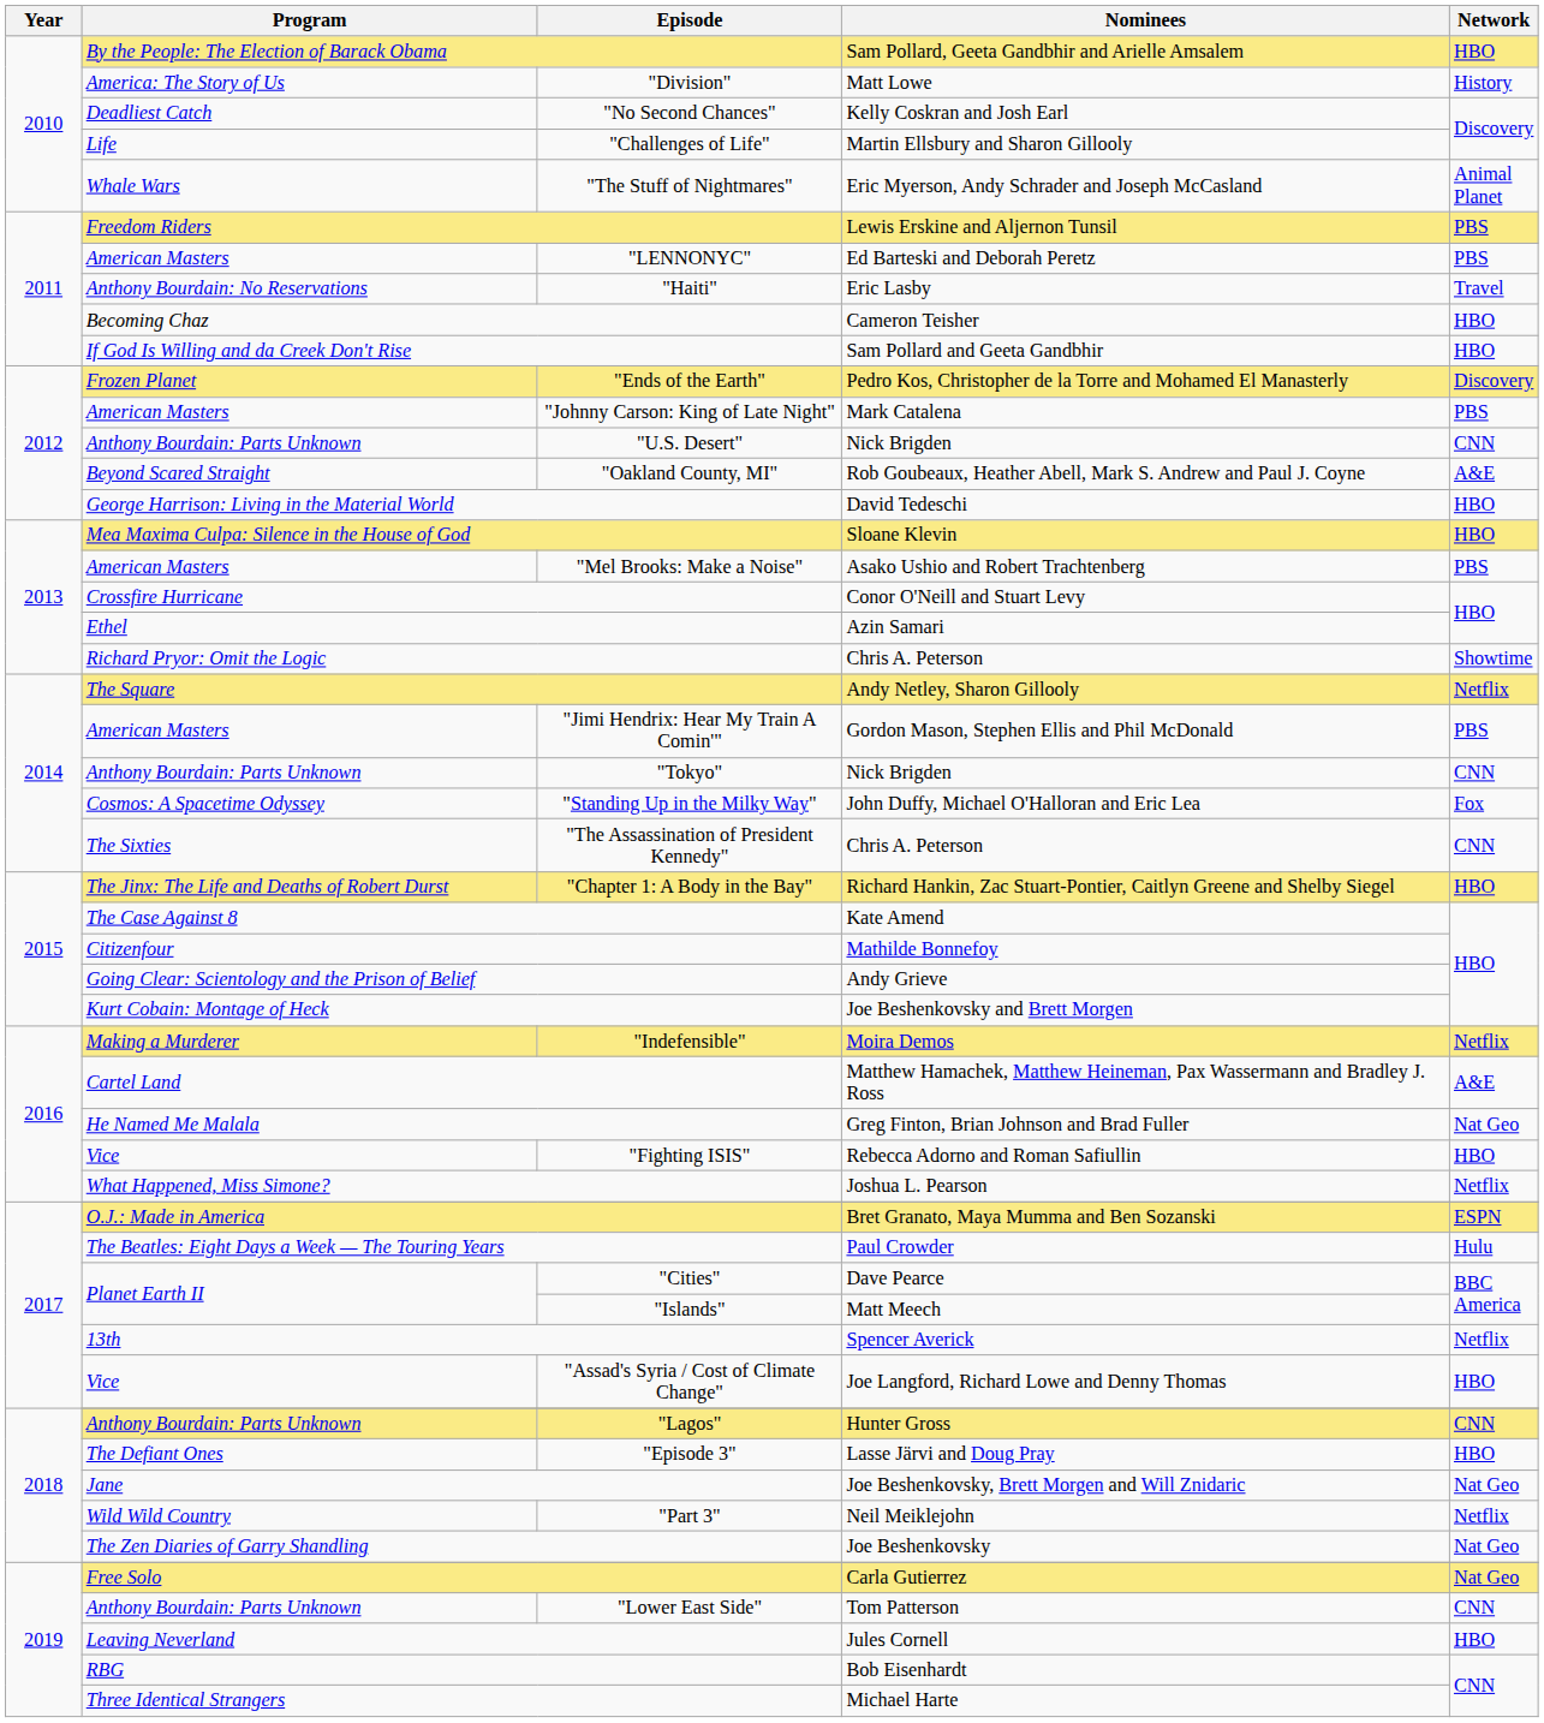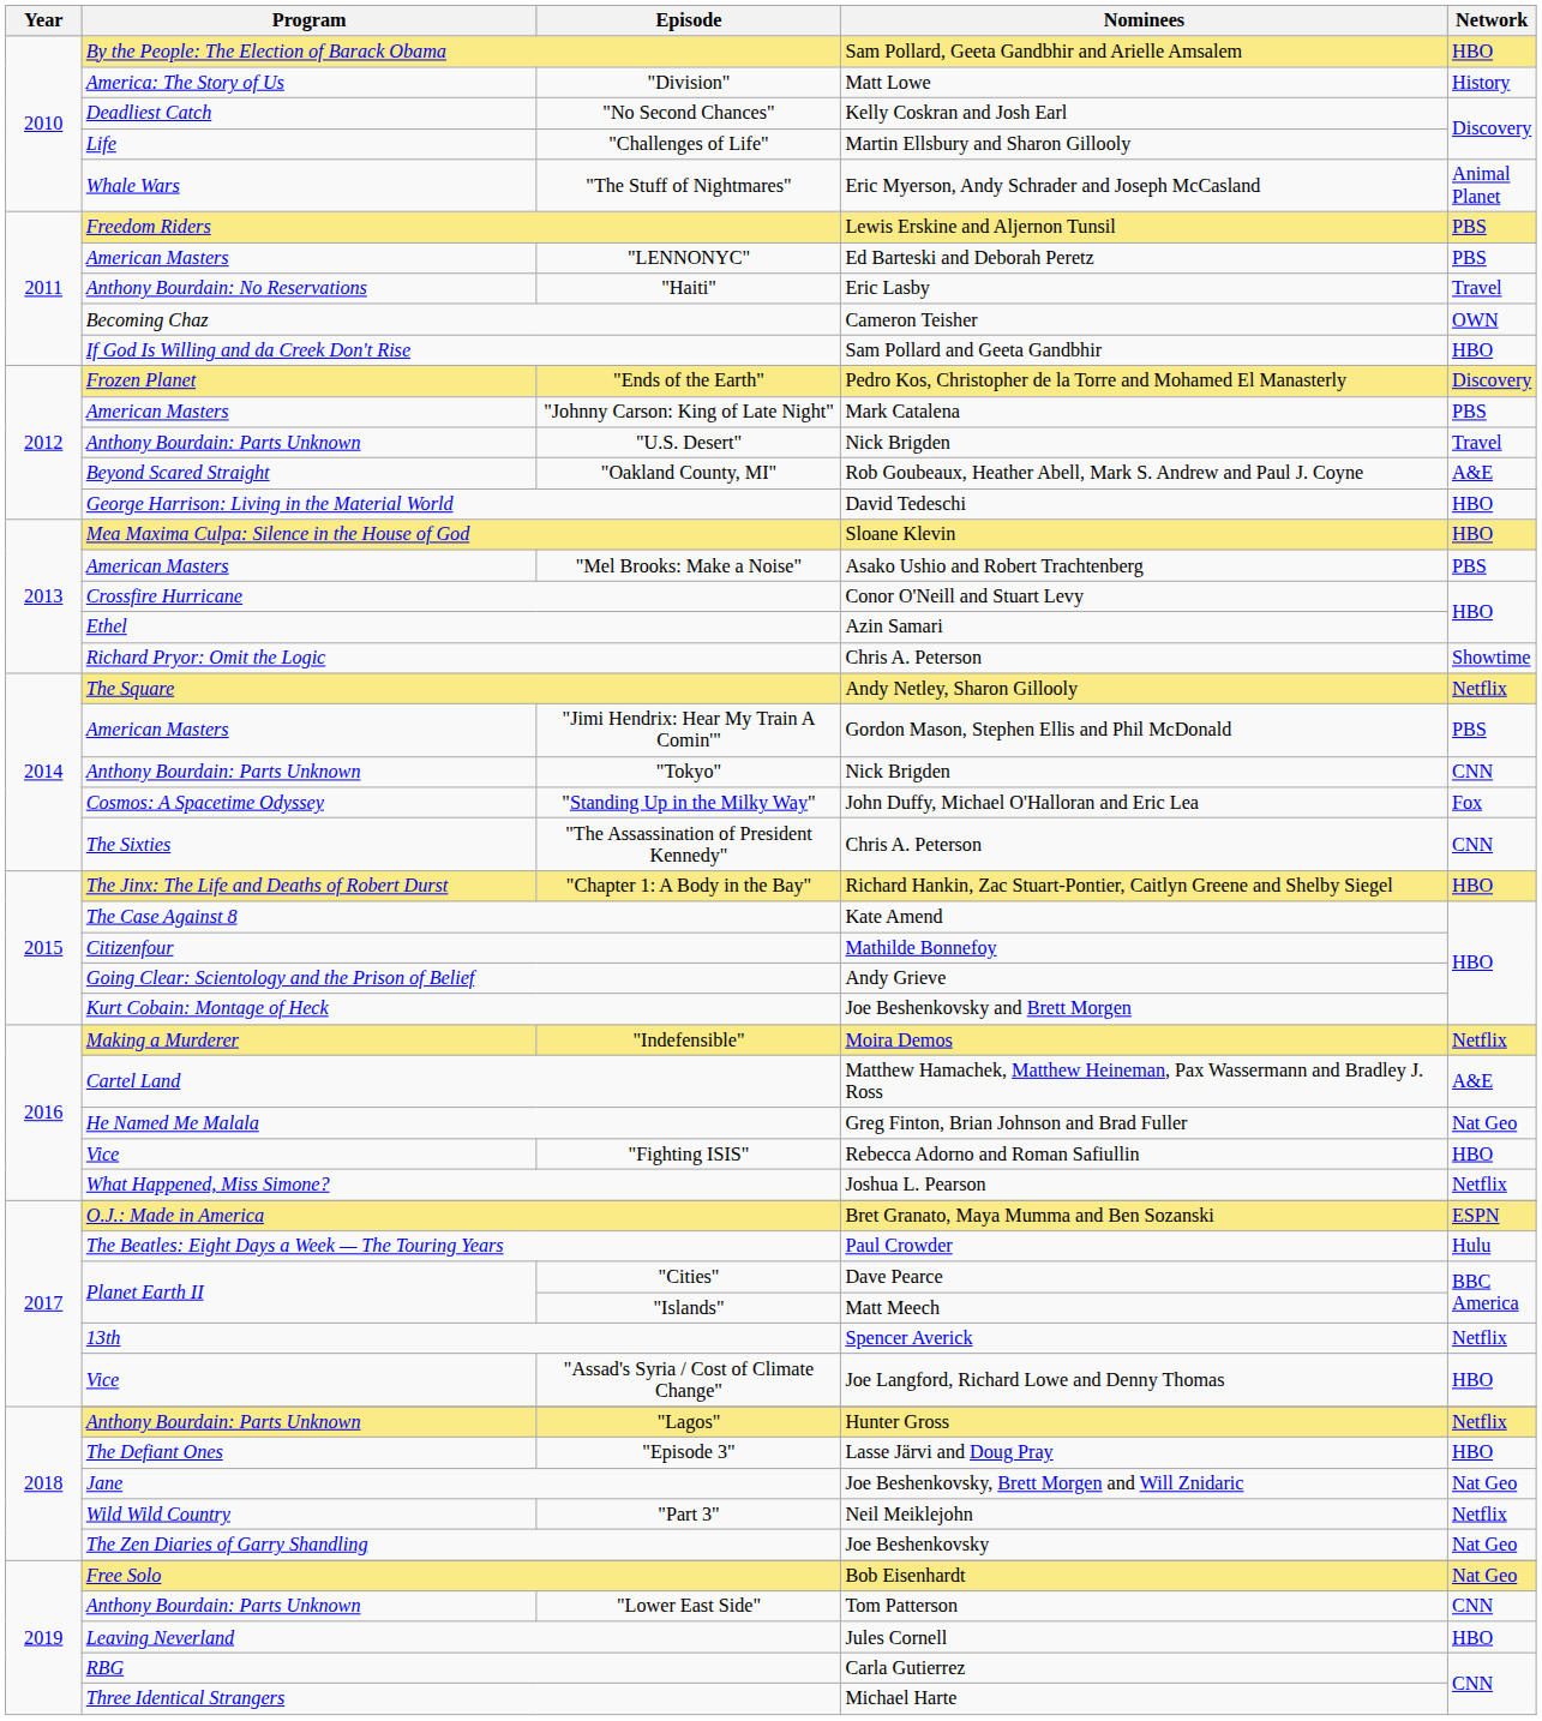 <table class="wikitable" style="width:100%">
 <tr style="background:#bebebe;">
 <th width="5%">Year</th>
 <th width="30%">Program</th>
 <th width="20%">Episode</th>
 <th width="40%">Nominees</th>
 <th width="5%">Network</th>
 </tr>
 <tr>
 <td rowspan=5 style="text-align:center;"><a href='#'>2010</a><br></td>
 <td style="background:#FAEB86;" colspan=2><em><a href='#'>By the People: The Election of Barack Obama</a></em></td>
 <td style="background:#FAEB86;">Sam Pollard, Geeta Gandbhir and Arielle Amsalem</td>
 <td style="background:#FAEB86;"><a href='#'>HBO</a></td>
 </tr>
 <tr>
 <td><em><a href='#'>America: The Story of Us</a></em></td>
 <td align=center>"Division"</td>
 <td>Matt Lowe</td>
 <td><a href='#'>History</a></td>
 </tr>
 <tr>
 <td><em><a href='#'>Deadliest Catch</a></em></td>
 <td align=center>"No Second Chances"</td>
 <td>Kelly Coskran and Josh Earl</td>
 <td rowspan=2><a href='#'>Discovery</a></td>
 </tr>
 <tr>
 <td><em><a href='#'>Life</a></em></td>
 <td align=center>"Challenges of Life"</td>
 <td>Martin Ellsbury and Sharon Gillooly</td>
 </tr>
 <tr>
 <td><em><a href='#'>Whale Wars</a></em></td>
 <td align=center>"The Stuff of Nightmares"</td>
 <td>Eric Myerson, Andy Schrader and Joseph McCasland</td>
 <td><a href='#'>Animal Planet</a></td>
 </tr>
 <tr>
 <td rowspan=5 style="text-align:center;"><a href='#'>2011</a><br></td>
 <td style="background:#FAEB86;" colspan=2><em><a href='#'>Freedom Riders</a></em></td>
 <td style="background:#FAEB86;">Lewis Erskine and Aljernon Tunsil</td>
 <td style="background:#FAEB86;"><a href='#'>PBS</a></td>
 </tr>
 <tr>
 <td><em><a href='#'>American Masters</a></em></td>
 <td align=center>"LENNONYC"</td>
 <td>Ed Barteski and Deborah Peretz</td>
 <td><a href='#'>PBS</a></td>
 </tr>
 <tr>
 <td><em><a href='#'>Anthony Bourdain: No Reservations</a></em></td>
 <td align=center>"Haiti"</td>
 <td>Eric Lasby</td>
 <td><a href='#'>Travel</a></td>
 </tr>
 <tr>
 <td colspan=2><em>Becoming Chaz</em></td>
 <td>Cameron Teisher</td>
-<td><a href='#'>HBO</a></td>
+<td><a href='#'>OWN</a></td>
 </tr>
 <tr>
 <td colspan=2><em><a href='#'>If God Is Willing and da Creek Don't Rise</a></em></td>
 <td>Sam Pollard and Geeta Gandbhir</td>
 <td><a href='#'>HBO</a></td>
 </tr>
 <tr>
 <td rowspan=5 style="text-align:center;"><a href='#'>2012</a><br></td>
 <td style="background:#FAEB86;"><em><a href='#'>Frozen Planet</a></em></td>
 <td style="background:#FAEB86;" align=center>"Ends of the Earth"</td>
 <td style="background:#FAEB86;">Pedro Kos, Christopher de la Torre and Mohamed El Manasterly</td>
 <td style="background:#FAEB86;"><a href='#'>Discovery</a></td>
 </tr>
 <tr>
 <td><em><a href='#'>American Masters</a></em></td>
 <td align=center>"Johnny Carson: King of Late Night"</td>
 <td>Mark Catalena</td>
 <td><a href='#'>PBS</a></td>
 </tr>
 <tr>
 <td><em><a href='#'>Anthony Bourdain: Parts Unknown</a></em></td>
 <td align=center>"U.S. Desert"</td>
 <td>Nick Brigden</td>
-<td><a href='#'>CNN</a></td>
+<td><a href='#'>Travel</a></td>
 </tr>
 <tr>
 <td><em><a href='#'>Beyond Scared Straight</a></em></td>
 <td align=center>"Oakland County, MI"</td>
 <td>Rob Goubeaux, Heather Abell, Mark S. Andrew and Paul J. Coyne</td>
 <td><a href='#'>A&E</a></td>
 </tr>
 <tr>
 <td colspan=2><em><a href='#'>George Harrison: Living in the Material World</a></em></td>
 <td>David Tedeschi</td>
 <td><a href='#'>HBO</a></td>
 </tr>
 <tr>
 <td rowspan=5 style="text-align:center;"><a href='#'>2013</a><br></td>
 <td style="background:#FAEB86;" colspan=2><em><a href='#'>Mea Maxima Culpa: Silence in the House of God</a></em></td>
 <td style="background:#FAEB86;">Sloane Klevin</td>
 <td style="background:#FAEB86;"><a href='#'>HBO</a></td>
 </tr>
 <tr>
 <td><em><a href='#'>American Masters</a></em></td>
 <td align=center>"Mel Brooks: Make a Noise"</td>
 <td>Asako Ushio and Robert Trachtenberg</td>
 <td><a href='#'>PBS</a></td>
 </tr>
 <tr>
 <td colspan=2><em><a href='#'>Crossfire Hurricane</a></em></td>
 <td>Conor O'Neill and Stuart Levy</td>
 <td rowspan=2><a href='#'>HBO</a></td>
 </tr>
 <tr>
 <td colspan=2><em><a href='#'>Ethel</a></em></td>
 <td>Azin Samari</td>
 </tr>
 <tr>
 <td colspan=2><em><a href='#'>Richard Pryor: Omit the Logic</a></em></td>
 <td>Chris A. Peterson</td>
 <td><a href='#'>Showtime</a></td>
 </tr>
 <tr>
 <td rowspan=5 style="text-align:center;"><a href='#'>2014</a><br></td>
 <td style="background:#FAEB86;" colspan=2><em><a href='#'>The Square</a></em></td>
 <td style="background:#FAEB86;">Andy Netley, Sharon Gillooly</td>
 <td style="background:#FAEB86;"><a href='#'>Netflix</a></td>
 </tr>
 <tr>
 <td><em><a href='#'>American Masters</a></em></td>
 <td align=center>"Jimi Hendrix: Hear My Train A Comin'"</td>
 <td>Gordon Mason, Stephen Ellis and Phil McDonald</td>
 <td><a href='#'>PBS</a></td>
 </tr>
 <tr>
 <td><em><a href='#'>Anthony Bourdain: Parts Unknown</a></em></td>
 <td align=center>"Tokyo"</td>
 <td>Nick Brigden</td>
 <td><a href='#'>CNN</a></td>
 </tr>
 <tr>
 <td><em><a href='#'>Cosmos: A Spacetime Odyssey</a></em></td>
 <td align=center>"<a href='#'>Standing Up in the Milky Way</a>"</td>
 <td>John Duffy, Michael O'Halloran and Eric Lea</td>
 <td><a href='#'>Fox</a></td>
 </tr>
 <tr>
 <td><em><a href='#'>The Sixties</a></em></td>
 <td align=center>"The Assassination of President Kennedy"</td>
 <td>Chris A. Peterson</td>
 <td><a href='#'>CNN</a></td>
 </tr>
 <tr>
 <td rowspan=5 style="text-align:center;"><a href='#'>2015</a><br></td>
 <td style="background:#FAEB86;"><em><a href='#'>The Jinx: The Life and Deaths of Robert Durst</a></em></td>
 <td style="background:#FAEB86;" align=center>"Chapter 1: A Body in the Bay"</td>
 <td style="background:#FAEB86;">Richard Hankin, Zac Stuart-Pontier, Caitlyn Greene and Shelby Siegel</td>
 <td style="background:#FAEB86;"><a href='#'>HBO</a></td>
 </tr>
 <tr>
 <td colspan=2><em><a href='#'>The Case Against 8</a></em></td>
 <td>Kate Amend</td>
 <td rowspan=4><a href='#'>HBO</a></td>
 </tr>
 <tr>
 <td colspan=2><em><a href='#'>Citizenfour</a></em></td>
 <td><a href='#'>Mathilde Bonnefoy</a></td>
 </tr>
 <tr>
 <td colspan=2><em><a href='#'>Going Clear: Scientology and the Prison of Belief</a></em></td>
 <td>Andy Grieve</td>
 </tr>
 <tr>
 <td colspan=2><em><a href='#'>Kurt Cobain: Montage of Heck</a></em></td>
 <td>Joe Beshenkovsky and <a href='#'>Brett Morgen</a></td>
 </tr>
 <tr>
 <td rowspan=5 style="text-align:center;"><a href='#'>2016</a><br></td>
 <td style="background:#FAEB86;"><em><a href='#'>Making a Murderer</a></em></td>
 <td style="background:#FAEB86;" align=center>"Indefensible"</td>
 <td style="background:#FAEB86;"><a href='#'>Moira Demos</a></td>
 <td style="background:#FAEB86;"><a href='#'>Netflix</a></td>
 </tr>
 <tr>
 <td colspan=2><em><a href='#'>Cartel Land</a></em></td>
 <td>Matthew Hamachek, <a href='#'>Matthew Heineman</a>, Pax Wassermann and Bradley J. Ross</td>
 <td><a href='#'>A&E</a></td>
 </tr>
 <tr>
 <td colspan=2><em><a href='#'>He Named Me Malala</a></em></td>
 <td>Greg Finton, Brian Johnson and Brad Fuller</td>
 <td><a href='#'>Nat Geo</a></td>
 </tr>
 <tr>
 <td><em><a href='#'>Vice</a></em></td>
 <td align=center>"Fighting ISIS"</td>
 <td>Rebecca Adorno and Roman Safiullin</td>
 <td><a href='#'>HBO</a></td>
 </tr>
 <tr>
 <td colspan=2><em><a href='#'>What Happened, Miss Simone?</a></em></td>
 <td>Joshua L. Pearson</td>
 <td><a href='#'>Netflix</a></td>
 </tr>
 <tr>
 <td rowspan=7 style="text-align:center;"><a href='#'>2017</a><br></td>
 </tr>
 <tr style="background:#FAEB86;">
 <td colspan=2><em><a href='#'>O.J.: Made in America</a></em></td>
 <td>Bret Granato, Maya Mumma and Ben Sozanski</td>
 <td><a href='#'>ESPN</a></td>
 </tr>
 <tr>
 <td colspan=2><em><a href='#'>The Beatles: Eight Days a Week — The Touring Years</a></em></td>
 <td><a href='#'>Paul Crowder</a></td>
 <td><a href='#'>Hulu</a></td>
 </tr>
 <tr>
 <td rowspan=2><em><a href='#'>Planet Earth II</a></em></td>
 <td align=center>"Cities"</td>
 <td>Dave Pearce</td>
 <td rowspan=2><a href='#'>BBC America</a></td>
 </tr>
 <tr>
 <td align=center>"Islands"</td>
 <td>Matt Meech</td>
 </tr>
 <tr>
 <td colspan=2><em><a href='#'>13th</a></em></td>
 <td><a href='#'>Spencer Averick</a></td>
 <td><a href='#'>Netflix</a></td>
 </tr>
 <tr>
 <td><em><a href='#'>Vice</a></em></td>
 <td align=center>"Assad's Syria / Cost of Climate Change"</td>
 <td>Joe Langford, Richard Lowe and Denny Thomas</td>
 <td><a href='#'>HBO</a></td>
 </tr>
 <tr>
 <td rowspan=6 style="text-align:center;"><a href='#'>2018</a><br></td>
 </tr>
 <tr style="background:#FAEB86;">
 <td><em><a href='#'>Anthony Bourdain: Parts Unknown</a></em></td>
 <td align=center>"Lagos"</td>
 <td>Hunter Gross</td>
-<td><a href='#'>CNN</a></td>
+<td><a href='#'>Netflix</a></td>
 </tr>
 <tr>
 <td><em><a href='#'>The Defiant Ones</a></em></td>
 <td align=center>"Episode 3"</td>
 <td>Lasse Järvi and <a href='#'>Doug Pray</a></td>
 <td><a href='#'>HBO</a></td>
 </tr>
 <tr>
 <td colspan=2><em><a href='#'>Jane</a></em></td>
 <td>Joe Beshenkovsky, <a href='#'>Brett Morgen</a> and <a href='#'>Will Znidaric</a></td>
 <td><a href='#'>Nat Geo</a></td>
 </tr>
 <tr>
 <td><em><a href='#'>Wild Wild Country</a></em></td>
 <td align=center>"Part 3"</td>
 <td>Neil Meiklejohn</td>
 <td><a href='#'>Netflix</a></td>
 </tr>
 <tr>
 <td colspan=2><em><a href='#'>The Zen Diaries of Garry Shandling</a></em></td>
 <td>Joe Beshenkovsky</td>
 <td><a href='#'>Nat Geo</a></td>
 </tr>
 <tr>
 <td rowspan=6 style="text-align:center;"><a href='#'>2019</a><br></td>
 </tr>
 <tr style="background:#FAEB86;">
 <td colspan=2><em><a href='#'>Free Solo</a></em></td>
-<td>Carla Gutierrez</td>
+<td>Bob Eisenhardt</td>
 <td><a href='#'>Nat Geo</a></td>
 </tr>
 <tr>
 <td><em><a href='#'>Anthony Bourdain: Parts Unknown</a></em></td>
 <td align=center>"Lower East Side"</td>
 <td>Tom Patterson</td>
 <td><a href='#'>CNN</a></td>
 </tr>
 <tr>
 <td colspan=2><em><a href='#'>Leaving Neverland</a></em></td>
 <td>Jules Cornell</td>
 <td><a href='#'>HBO</a></td>
 </tr>
 <tr>
 <td colspan=2><em><a href='#'>RBG</a></em></td>
-<td>Bob Eisenhardt</td>
+<td>Carla Gutierrez</td>
 <td rowspan="2"><a href='#'>CNN</a></td>
 </tr>
 <tr>
 <td colspan=2><em><a href='#'>Three Identical Strangers</a></em></td>
 <td>Michael Harte</td>
 </tr>
 </table>
